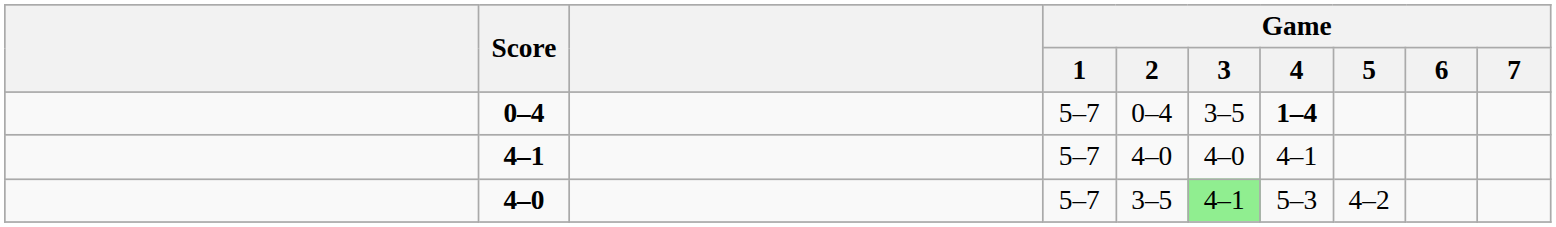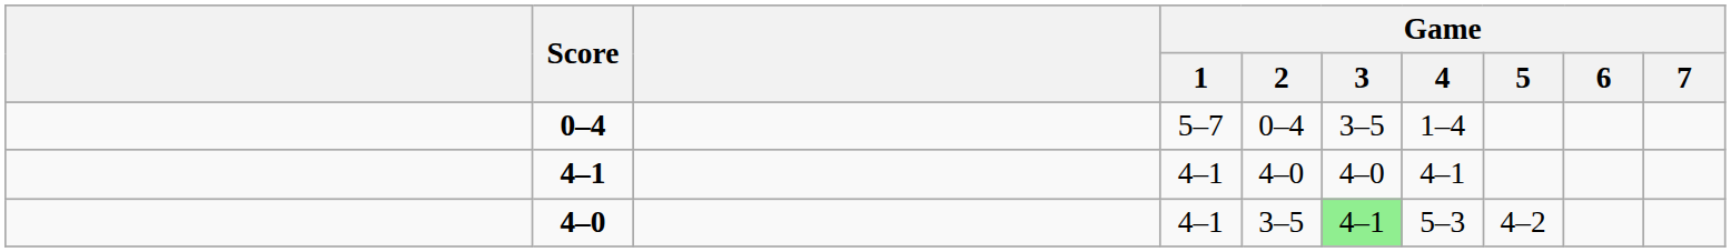 <table class="wikitable" style="text-align: center;">
 <tr>
 <th rowspan=2 align="right" width="270"></th>
 <th rowspan=2 width="45">Score</th>
 <th rowspan=2 align="left" width="270"></th>
 <th colspan=7>Game</th>
 </tr>
 <tr>
 <th width="35">1</th>
 <th width="35">2</th>
 <th width="35">3</th>
 <th width="35">4</th>
 <th width="35">5</th>
 <th width="35">6</th>
 <th width="35">7</th>
 </tr>
 <tr>
 <td align=left></td>
 <td align=center><strong>0–4</strong></td>
 <td align=left><strong></strong></td>
 <td>5–7</td>
 <td>0–4</td>
 <td>3–5</td>
-<td><strong>1–4</strong></td>
+<td>1–4</td>
 <td></td>
 <td></td>
 <td></td>
 </tr>
 <tr>
 <td align=left><strong></strong></td>
 <td align=center><strong>4–1</strong></td>
 <td align=left></td>
-<td>5–7</td>
+<td>4–1</td>
 <td>4–0</td>
 <td>4–0</td>
 <td>4–1</td>
 <td></td>
 <td></td>
 <td></td>
 </tr>
 <tr>
 <td align=left><strong></strong></td>
 <td align=center><strong>4–0</strong></td>
 <td align=left></td>
-<td>5–7</td>
+<td>4–1</td>
 <td>3–5</td>
 <td style="background: lightgreen;">4–1</td>
 <td>5–3</td>
 <td>4–2</td>
 <td></td>
 <td></td>
 </tr>
 </table>
